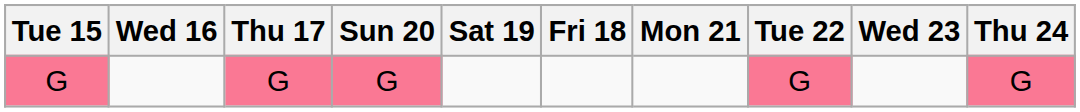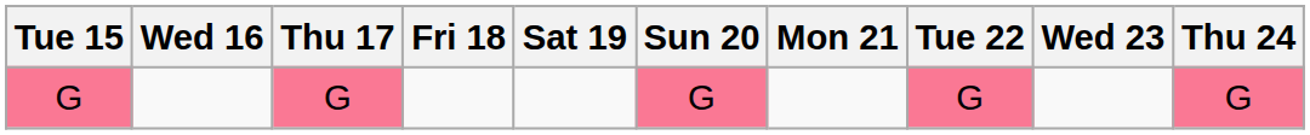 <table class="wikitable" style="margin:0.5em auto; font-size:90%; line-height:1.25em; text-align:center">
 <tr>
 <th>Tue 15</th>
 <th>Wed 16</th>
 <th>Thu 17</th>
+<th>Fri 18</th>
+<th>Sat 19</th>
 <th>Sun 20</th>
-<th>Sat 19</th>
-<th>Fri 18</th>
 <th>Mon 21</th>
 <th>Tue 22</th>
 <th>Wed 23</th>
 <th>Thu 24</th>
 </tr>
 <tr>
 <td bgcolor="#FA7894">G</td>
 <td></td>
 <td bgcolor="#FA7894">G</td>
-<td bgcolor="#FA7894">G</td>
 <td></td>
 <td></td>
+<td bgcolor="#FA7894">G</td>
 <td></td>
 <td bgcolor="#FA7894">G</td>
 <td></td>
 <td bgcolor="#FA7894">G</td>
 </tr>
 </table>
